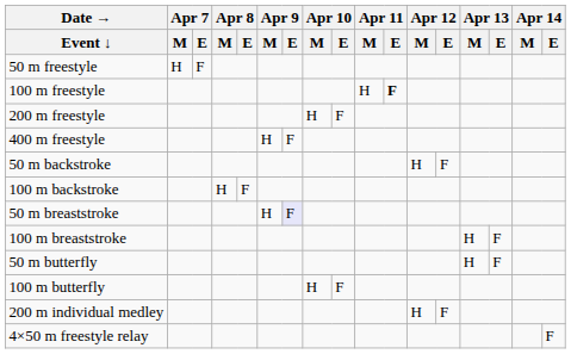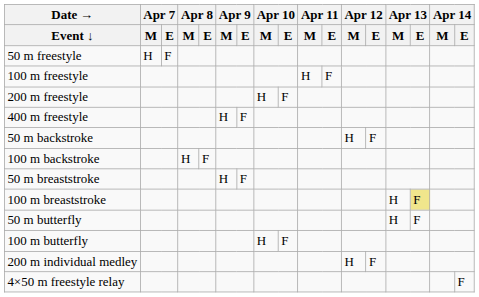 <table class="wikitable swimming-schedule floatleft">
 <tr>
 <th>Date →</th>
 <th colspan="2">Apr 7</th>
 <th colspan="2">Apr 8</th>
 <th colspan="2">Apr 9</th>
 <th colspan="2">Apr 10</th>
 <th colspan="2">Apr 11</th>
 <th colspan="2">Apr 12</th>
 <th colspan="2">Apr 13</th>
 <th colspan="2">Apr 14</th>
 </tr>
 <tr>
 <th>Event   ↓</th>
 <th>M</th>
 <th>E</th>
 <th>M</th>
 <th>E</th>
 <th>M</th>
 <th>E</th>
 <th>M</th>
 <th>E</th>
 <th>M</th>
 <th>E</th>
 <th>M</th>
 <th>E</th>
 <th>M</th>
 <th>E</th>
 <th>M</th>
 <th>E</th>
 </tr>
 <tr>
 <td class="event">50 m freestyle</td>
 <td class="heats">H</td>
 <td class="final">F</td>
 <td colspan=2></td>
 <td colspan=2></td>
 <td colspan=2></td>
 <td colspan=2></td>
 <td colspan=2></td>
 <td colspan=2></td>
 <td colspan=2></td>
 </tr>
 <tr>
 <td class="event">100 m freestyle</td>
 <td colspan=2></td>
 <td colspan=2></td>
 <td colspan=2></td>
 <td colspan=2></td>
 <td class="heats">H</td>
-<td class="final"><strong>F</strong></td>
+<td class="final">F</td>
 <td colspan=2></td>
 <td colspan=2></td>
 <td colspan=2></td>
 </tr>
 <tr>
 <td class="event">200 m freestyle</td>
 <td colspan=2></td>
 <td colspan=2></td>
 <td colspan=2></td>
 <td class="heats">H</td>
 <td class="final">F</td>
 <td colspan=2></td>
 <td colspan=2></td>
 <td colspan=2></td>
 <td colspan=2></td>
 </tr>
 <tr>
 <td class="event">400 m freestyle</td>
 <td colspan=2></td>
 <td colspan=2></td>
 <td class="heats">H</td>
 <td class="final">F</td>
 <td colspan=2></td>
 <td colspan=2></td>
 <td colspan=2></td>
 <td colspan=2></td>
 <td colspan=2></td>
 </tr>
 <tr>
 <td class="event">50 m backstroke</td>
 <td colspan=2></td>
 <td colspan=2></td>
 <td colspan=2></td>
 <td colspan=2></td>
 <td colspan=2></td>
 <td class="heats">H</td>
 <td class="final">F</td>
 <td colspan=2></td>
 <td colspan=2></td>
 </tr>
 <tr>
 <td class="event">100 m backstroke</td>
 <td colspan=2></td>
 <td class="heats">H</td>
 <td class="final">F</td>
 <td colspan=2></td>
 <td colspan=2></td>
 <td colspan=2></td>
 <td colspan=2></td>
 <td colspan=2></td>
 <td colspan=2></td>
 </tr>
 <tr>
 <td class="event">50 m breaststroke</td>
 <td colspan=2></td>
 <td colspan=2></td>
 <td class="heats">H</td>
-<td class="final" style="background: lavender;">F</td>
+<td class="final">F</td>
 <td colspan=2></td>
 <td colspan=2></td>
 <td colspan=2></td>
 <td colspan=2></td>
 <td colspan=2></td>
 </tr>
 <tr>
 <td class="event">100 m breaststroke</td>
 <td colspan=2></td>
 <td colspan=2></td>
 <td colspan=2></td>
 <td colspan=2></td>
 <td colspan=2></td>
 <td colspan=2></td>
 <td class="heats">H</td>
-<td class="final">F</td>
+<td class="final" style="background: khaki;">F</td>
 <td colspan=2></td>
 </tr>
 <tr>
 <td class="event">50 m butterfly</td>
 <td colspan=2></td>
 <td colspan=2></td>
 <td colspan=2></td>
 <td colspan=2></td>
 <td colspan=2></td>
 <td colspan=2></td>
 <td class="heats">H</td>
 <td class="final">F</td>
 <td colspan=2></td>
 </tr>
 <tr>
 <td class="event">100 m butterfly</td>
 <td colspan=2></td>
 <td colspan=2></td>
 <td colspan=2></td>
 <td class="heats">H</td>
 <td class="final">F</td>
 <td colspan=2></td>
 <td colspan=2></td>
 <td colspan=2></td>
 <td colspan=2></td>
 </tr>
 <tr>
 <td class="event">200 m individual medley</td>
 <td colspan=2></td>
 <td colspan=2></td>
 <td colspan=2></td>
 <td colspan=2></td>
 <td colspan=2></td>
 <td class="heats">H</td>
 <td class="final">F</td>
 <td colspan=2></td>
 <td colspan=2></td>
 </tr>
 <tr>
 <td class="event">4×50 m freestyle relay</td>
 <td colspan=2></td>
 <td colspan=2></td>
 <td colspan=2></td>
 <td colspan=2></td>
 <td colspan=2></td>
 <td colspan=2></td>
 <td colspan=2></td>
 <td></td>
 <td class="final">F</td>
 </tr>
 </table>
